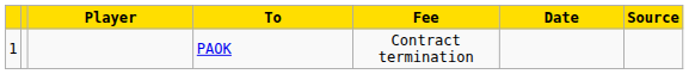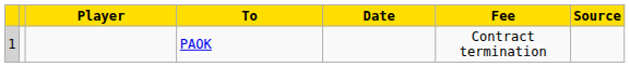 <table class="wikitable sortable">
 <tr>
 <th style="background:#FFDE00"></th>
 <th style="background:#FFDE00"></th>
 <th width=200 style="background:#FFDE00">Player</th>
 <th width=200 style="background:#FFDE00">To</th>
+<th width=150 style="background:#FFDE00">Date</th>
 <th width=150 style="background:#FFDE00">Fee</th>
-<th width=150 style="background:#FFDE00">Date</th>
 <th style="background:#FFDE00">Source</th>
 </tr>
 <tr>
-<td align=center>1</td>
+<td align=center style="background: lightgrey;">1</td>
 <td align=center></td>
 <td></td>
 <td> <a href='#'>PAOK</a></td>
+<td align=center></td>
 <td align=center>Contract termination</td>
-<td align=center></td>
 <td align=center></td>
 </tr>
 </table>
